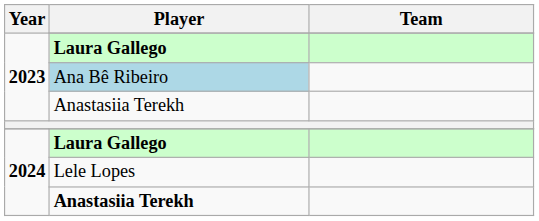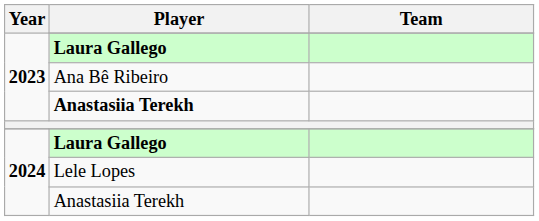 <table class="wikitable">
 <tr>
 <th>Year</th>
 <th width=220>Player</th>
 <th width=190>Team</th>
 </tr>
 <tr>
 <td rowspan="4" style="text-align:center;"><strong>2023</strong></td>
 </tr>
 <tr bgcolor=#ccffcc>
 <td><strong>Laura Gallego</strong></td>
 <td><strong></strong></td>
 </tr>
 <tr>
-<td style="background: lightblue;">Ana Bê Ribeiro</td>
+<td>Ana Bê Ribeiro</td>
 <td></td>
 </tr>
 <tr>
-<td>Anastasiia Terekh</td>
+<td><strong>Anastasiia Terekh</strong></td>
 <td></td>
 </tr>
 <tr>
 <th colspan=3></th>
 </tr>
 <tr>
 </tr>
 <tr>
 <td rowspan="4" style="text-align:center;"><strong>2024</strong></td>
 </tr>
 <tr bgcolor=#ccffcc>
 <td><strong>Laura Gallego</strong></td>
 <td><strong></strong></td>
 </tr>
 <tr>
 <td>Lele Lopes</td>
 <td></td>
 </tr>
 <tr>
-<td><strong>Anastasiia Terekh</strong></td>
+<td>Anastasiia Terekh</td>
 <td></td>
 </tr>
 </table>
